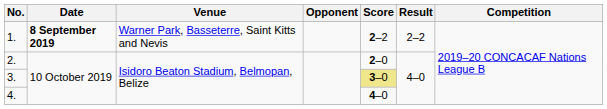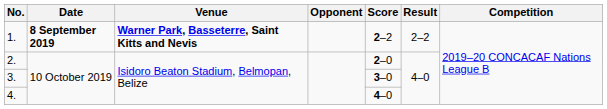 <table class="wikitable">
 <tr>
 <th>No.</th>
 <th>Date</th>
 <th>Venue</th>
 <th>Opponent</th>
 <th>Score</th>
 <th>Result</th>
 <th>Competition</th>
 </tr>
 <tr>
 <td>1.</td>
 <td><strong>8 September 2019</strong></td>
-<td><a href='#'>Warner Park</a>, <a href='#'>Basseterre</a>, Saint Kitts and Nevis</td>
+<td><strong><a href='#'>Warner Park</a>, <a href='#'>Basseterre</a>, Saint Kitts and Nevis</strong></td>
 <td></td>
 <td align=center><strong>2</strong>–2</td>
 <td align=center>2–2</td>
 <td rowspan=4><a href='#'>2019–20 CONCACAF Nations League B</a></td>
 </tr>
 <tr>
 <td>2.</td>
 <td rowspan=3>10 October 2019</td>
 <td rowspan=3><a href='#'>Isidoro Beaton Stadium</a>, <a href='#'>Belmopan</a>, Belize</td>
 <td rowspan=3></td>
 <td align=center><strong>2</strong>–0</td>
 <td rowspan=3 align=center>4–0</td>
 </tr>
 <tr>
 <td>3.</td>
-<td align=center style="background: khaki;"><strong>3</strong>–0</td>
+<td align=center><strong>3</strong>–0</td>
 </tr>
 <tr>
 <td>4.</td>
 <td align=center><strong>4</strong>–0</td>
 </tr>
 </table>
